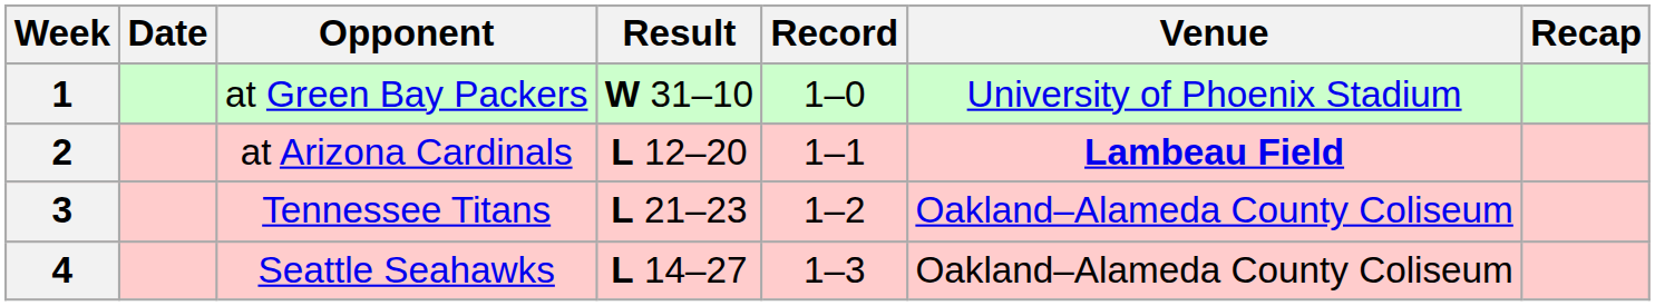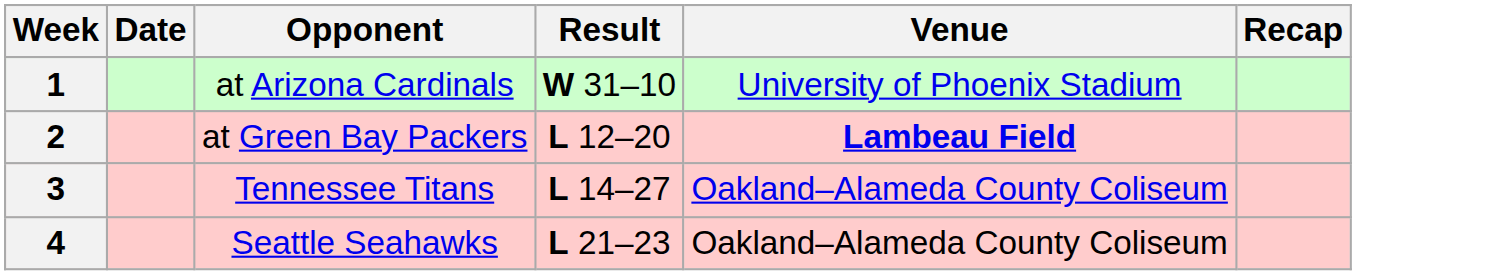 <table class="wikitable" style="text-align:center">
 <tr>
 <th>Week</th>
 <th>Date</th>
 <th>Opponent</th>
 <th>Result</th>
-<th>Record</th>
 <th>Venue</th>
 <th>Recap</th>
 </tr>
 <tr style="background:#cfc">
 <th>1</th>
 <td></td>
-<td>at <a href='#'>Green Bay Packers</a></td>
+<td>at <a href='#'>Arizona Cardinals</a></td>
 <td><strong>W</strong> 31–10</td>
-<td>1–0</td>
 <td><a href='#'>University of Phoenix Stadium</a></td>
 <td></td>
 </tr>
 <tr style="background:#fcc">
 <th>2</th>
 <td></td>
-<td>at <a href='#'>Arizona Cardinals</a></td>
+<td>at <a href='#'>Green Bay Packers</a></td>
 <td><strong>L</strong> 12–20</td>
-<td>1–1</td>
 <td><strong><a href='#'>Lambeau Field</a></strong></td>
 <td></td>
 </tr>
 <tr style="background:#fcc">
 <th>3</th>
 <td></td>
 <td><a href='#'>Tennessee Titans</a></td>
-<td><strong>L</strong> 21–23</td>
-<td>1–2</td>
+<td><strong>L</strong> 14–27</td>
 <td><a href='#'>Oakland–Alameda County Coliseum</a></td>
 <td></td>
 </tr>
 <tr style="background:#fcc">
 <th>4</th>
 <td></td>
 <td><a href='#'>Seattle Seahawks</a></td>
-<td><strong>L</strong> 14–27</td>
-<td>1–3</td>
+<td><strong>L</strong> 21–23</td>
 <td>Oakland–Alameda County Coliseum</td>
 <td></td>
 </tr>
 </table>
